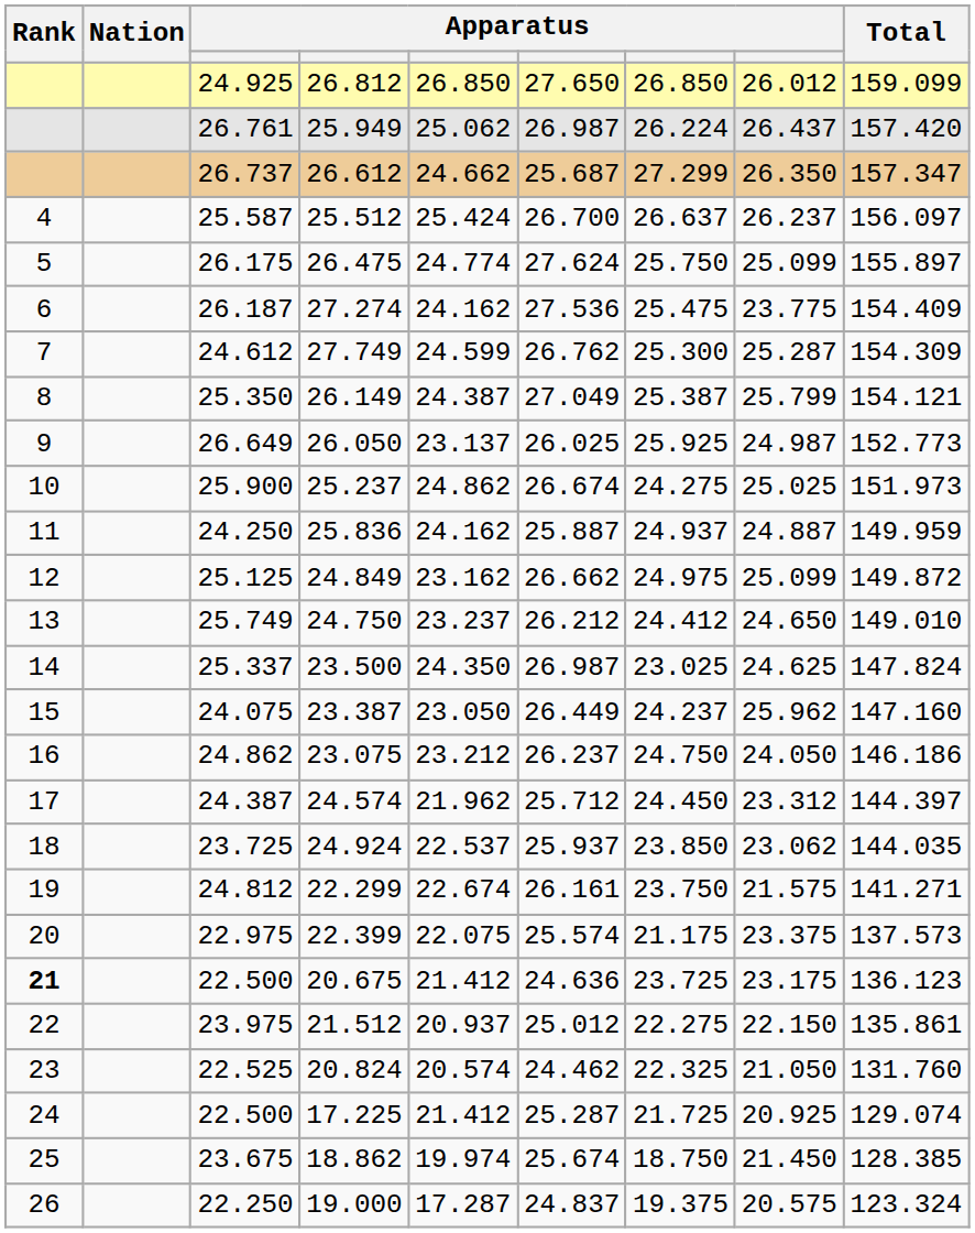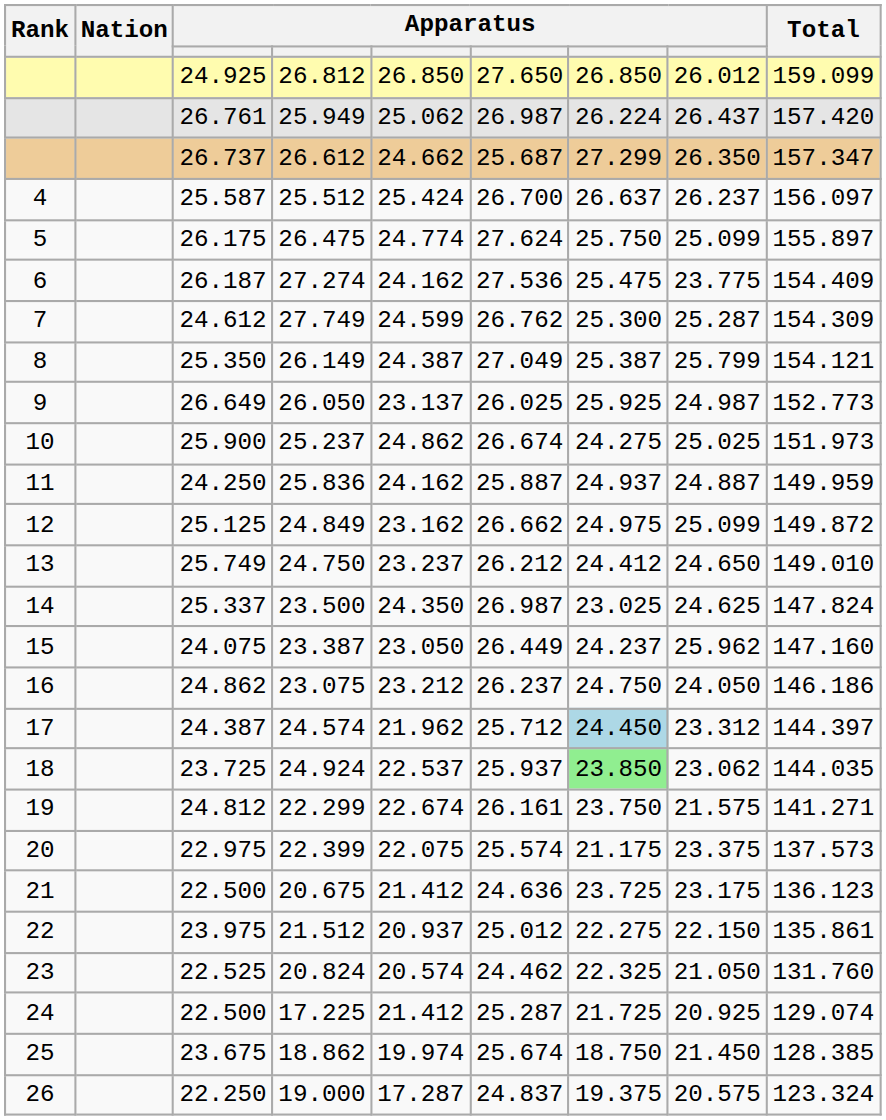 <table class="wikitable" style="font-size:90%">
 <tr>
 <th rowspan=2>Rank</th>
 <th rowspan=2>Nation</th>
 <th colspan =6>Apparatus</th>
 <th rowspan=2>Total</th>
 </tr>
 <tr style="font-size:95%">
 <th></th>
 <th></th>
 <th></th>
 <th></th>
 <th></th>
 <th></th>
 </tr>
 <tr align=center bgcolor=fffcaf>
 <td></td>
 <td align=left></td>
 <td>24.925</td>
 <td>26.812</td>
 <td>26.850</td>
 <td>27.650</td>
 <td>26.850</td>
 <td>26.012</td>
 <td>159.099</td>
 </tr>
 <tr align=center bgcolor=e5e5e5>
 <td></td>
 <td align=left></td>
 <td>26.761</td>
 <td>25.949</td>
 <td>25.062</td>
 <td>26.987</td>
 <td>26.224</td>
 <td>26.437</td>
 <td>157.420</td>
 </tr>
 <tr align=center bgcolor=eecc99>
 <td></td>
 <td align=left></td>
 <td>26.737</td>
 <td>26.612</td>
 <td>24.662</td>
 <td>25.687</td>
 <td>27.299</td>
 <td>26.350</td>
 <td>157.347</td>
 </tr>
 <tr align=center>
 <td>4</td>
 <td align=left></td>
 <td>25.587</td>
 <td>25.512</td>
 <td>25.424</td>
 <td>26.700</td>
 <td>26.637</td>
 <td>26.237</td>
 <td>156.097</td>
 </tr>
 <tr align=center>
 <td>5</td>
 <td align=left></td>
 <td>26.175</td>
 <td>26.475</td>
 <td>24.774</td>
 <td>27.624</td>
 <td>25.750</td>
 <td>25.099</td>
 <td>155.897</td>
 </tr>
 <tr align=center>
 <td>6</td>
 <td align=left></td>
 <td>26.187</td>
 <td>27.274</td>
 <td>24.162</td>
 <td>27.536</td>
 <td>25.475</td>
 <td>23.775</td>
 <td>154.409</td>
 </tr>
 <tr align=center>
 <td>7</td>
 <td align=left></td>
 <td>24.612</td>
 <td>27.749</td>
 <td>24.599</td>
 <td>26.762</td>
 <td>25.300</td>
 <td>25.287</td>
 <td>154.309</td>
 </tr>
 <tr align=center>
 <td>8</td>
 <td align=left></td>
 <td>25.350</td>
 <td>26.149</td>
 <td>24.387</td>
 <td>27.049</td>
 <td>25.387</td>
 <td>25.799</td>
 <td>154.121</td>
 </tr>
 <tr align=center>
 <td>9</td>
 <td align=left></td>
 <td>26.649</td>
 <td>26.050</td>
 <td>23.137</td>
 <td>26.025</td>
 <td>25.925</td>
 <td>24.987</td>
 <td>152.773</td>
 </tr>
 <tr align=center>
 <td>10</td>
 <td align=left></td>
 <td>25.900</td>
 <td>25.237</td>
 <td>24.862</td>
 <td>26.674</td>
 <td>24.275</td>
 <td>25.025</td>
 <td>151.973</td>
 </tr>
 <tr align=center>
 <td>11</td>
 <td align=left></td>
 <td>24.250</td>
 <td>25.836</td>
 <td>24.162</td>
 <td>25.887</td>
 <td>24.937</td>
 <td>24.887</td>
 <td>149.959</td>
 </tr>
 <tr align=center>
 <td>12</td>
 <td align=left></td>
 <td>25.125</td>
 <td>24.849</td>
 <td>23.162</td>
 <td>26.662</td>
 <td>24.975</td>
 <td>25.099</td>
 <td>149.872</td>
 </tr>
 <tr align=center>
 <td>13</td>
 <td align=left></td>
 <td>25.749</td>
 <td>24.750</td>
 <td>23.237</td>
 <td>26.212</td>
 <td>24.412</td>
 <td>24.650</td>
 <td>149.010</td>
 </tr>
 <tr align=center>
 <td>14</td>
 <td align=left></td>
 <td>25.337</td>
 <td>23.500</td>
 <td>24.350</td>
 <td>26.987</td>
 <td>23.025</td>
 <td>24.625</td>
 <td>147.824</td>
 </tr>
 <tr align=center>
 <td>15</td>
 <td align=left></td>
 <td>24.075</td>
 <td>23.387</td>
 <td>23.050</td>
 <td>26.449</td>
 <td>24.237</td>
 <td>25.962</td>
 <td>147.160</td>
 </tr>
 <tr align=center>
 <td>16</td>
 <td align=left></td>
 <td>24.862</td>
 <td>23.075</td>
 <td>23.212</td>
 <td>26.237</td>
 <td>24.750</td>
 <td>24.050</td>
 <td>146.186</td>
 </tr>
 <tr align=center>
 <td>17</td>
 <td align=left></td>
 <td>24.387</td>
 <td>24.574</td>
 <td>21.962</td>
 <td>25.712</td>
-<td>24.450</td>
+<td style="background: lightblue;">24.450</td>
 <td>23.312</td>
 <td>144.397</td>
 </tr>
 <tr align=center>
 <td>18</td>
 <td align=left></td>
 <td>23.725</td>
 <td>24.924</td>
 <td>22.537</td>
 <td>25.937</td>
-<td>23.850</td>
+<td style="background: lightgreen;">23.850</td>
 <td>23.062</td>
 <td>144.035</td>
 </tr>
 <tr align=center>
 <td>19</td>
 <td align=left></td>
 <td>24.812</td>
 <td>22.299</td>
 <td>22.674</td>
 <td>26.161</td>
 <td>23.750</td>
 <td>21.575</td>
 <td>141.271</td>
 </tr>
 <tr align=center>
 <td>20</td>
 <td align=left></td>
 <td>22.975</td>
 <td>22.399</td>
 <td>22.075</td>
 <td>25.574</td>
 <td>21.175</td>
 <td>23.375</td>
 <td>137.573</td>
 </tr>
 <tr align=center>
-<td><strong>21</strong></td>
+<td>21</td>
 <td align=left></td>
 <td>22.500</td>
 <td>20.675</td>
 <td>21.412</td>
 <td>24.636</td>
 <td>23.725</td>
 <td>23.175</td>
 <td>136.123</td>
 </tr>
 <tr align=center>
 <td>22</td>
 <td align=left></td>
 <td>23.975</td>
 <td>21.512</td>
 <td>20.937</td>
 <td>25.012</td>
 <td>22.275</td>
 <td>22.150</td>
 <td>135.861</td>
 </tr>
 <tr align=center>
 <td>23</td>
 <td align=left></td>
 <td>22.525</td>
 <td>20.824</td>
 <td>20.574</td>
 <td>24.462</td>
 <td>22.325</td>
 <td>21.050</td>
 <td>131.760</td>
 </tr>
 <tr align=center>
 <td>24</td>
 <td align=left></td>
 <td>22.500</td>
 <td>17.225</td>
 <td>21.412</td>
 <td>25.287</td>
 <td>21.725</td>
 <td>20.925</td>
 <td>129.074</td>
 </tr>
 <tr align=center>
 <td>25</td>
 <td align=left></td>
 <td>23.675</td>
 <td>18.862</td>
 <td>19.974</td>
 <td>25.674</td>
 <td>18.750</td>
 <td>21.450</td>
 <td>128.385</td>
 </tr>
 <tr align=center>
 <td>26</td>
 <td align=left></td>
 <td>22.250</td>
 <td>19.000</td>
 <td>17.287</td>
 <td>24.837</td>
 <td>19.375</td>
 <td>20.575</td>
 <td>123.324</td>
 </tr>
 </table>
